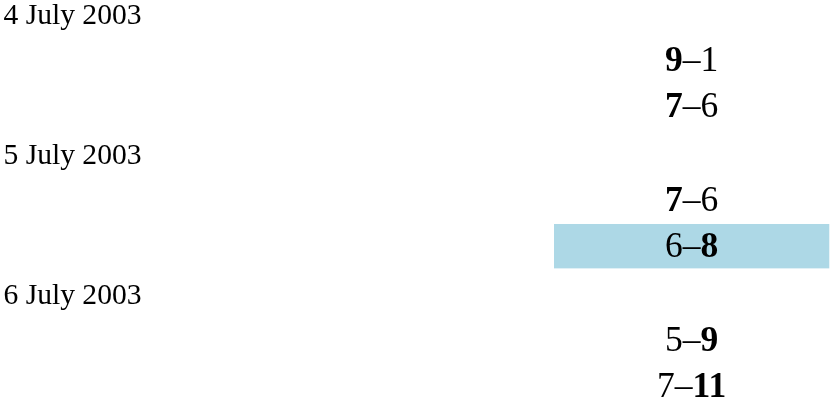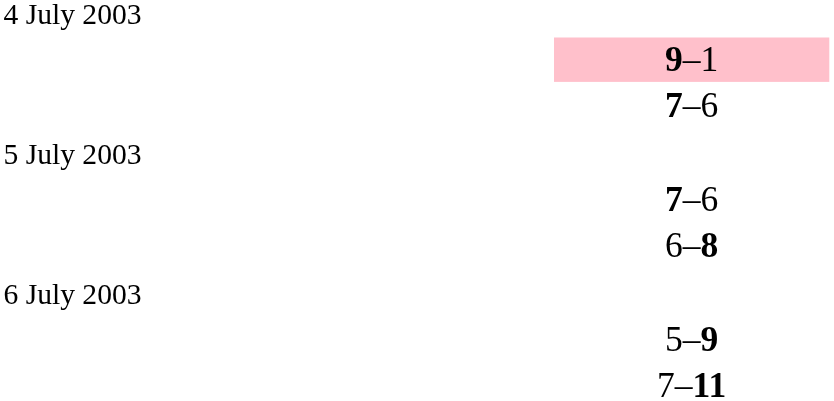 <table width=100% cellspacing=1>
 <tr>
 <th width=40%></th>
 <th width=20%></th>
 <th></th>
 </tr>
 <tr>
 <td><small>4 July 2003</small></td>
 </tr>
 <tr>
 <td align=right><strong></strong></td>
-<td align=center><strong>9</strong>–1</td>
+<td align=center style="background: pink;"><strong>9</strong>–1</td>
 <td></td>
 </tr>
 <tr>
 <td align=right><strong></strong></td>
 <td align=center><strong>7</strong>–6</td>
 <td></td>
 </tr>
 <tr>
 <td><small>5 July 2003</small></td>
 </tr>
 <tr>
 <td align=right><strong></strong></td>
 <td align=center><strong>7</strong>–6</td>
 <td></td>
 </tr>
 <tr>
 <td align=right></td>
-<td align=center style="background: lightblue;">6–<strong>8</strong></td>
+<td align=center>6–<strong>8</strong></td>
 <td><strong></strong></td>
 </tr>
 <tr>
 <td><small>6 July 2003</small></td>
 </tr>
 <tr>
 <td align=right></td>
 <td align=center>5–<strong>9</strong></td>
 <td><strong></strong></td>
 </tr>
 <tr>
 <td align=right></td>
 <td align=center>7–<strong>11</strong></td>
 <td><strong></strong></td>
 </tr>
 </table>
